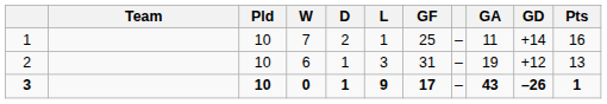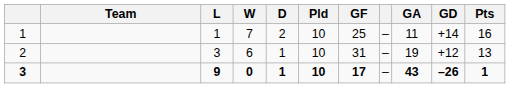 <table class="wikitable" style="text-align: center;">
 <tr>
 <th style="width: 40px;"></th>
 <th style="width: 200px;">Team</th>
-<th style="width: 45px;">Pld</th>
+<th style="width: 35px;">L</th>
 <th style="width: 35px;">W</th>
 <th style="width: 35px;">D</th>
-<th style="width: 35px;">L</th>
+<th style="width: 45px;">Pld</th>
 <th style="width: 45px;">GF</th>
 <th></th>
 <th style="width: 45px;">GA</th>
 <th style="width: 35px;">GD</th>
 <th style="width: 45px;">Pts</th>
 </tr>
 <tr>
 <td>1</td>
 <td style="text-align: left;"></td>
-<td>10</td>
+<td>1</td>
 <td>7</td>
 <td>2</td>
-<td>1</td>
+<td>10</td>
 <td>25</td>
 <td>–</td>
 <td>11</td>
 <td>+14</td>
 <td>16</td>
 </tr>
 <tr>
 <td>2</td>
 <td style="text-align: left;"></td>
-<td>10</td>
+<td>3</td>
 <td>6</td>
 <td>1</td>
-<td>3</td>
+<td>10</td>
 <td>31</td>
 <td>–</td>
 <td>19</td>
 <td>+12</td>
 <td>13</td>
 </tr>
 <tr>
 <td><strong>3</strong></td>
 <td style="text-align: left;"><strong></strong></td>
-<td><strong>10</strong></td>
+<td><strong>9</strong></td>
 <td><strong>0</strong></td>
 <td><strong>1</strong></td>
-<td><strong>9</strong></td>
+<td><strong>10</strong></td>
 <td><strong>17</strong></td>
 <td>–</td>
 <td><strong>43</strong></td>
 <td><strong>–26</strong></td>
 <td><strong>1</strong></td>
 </tr>
 </table>
